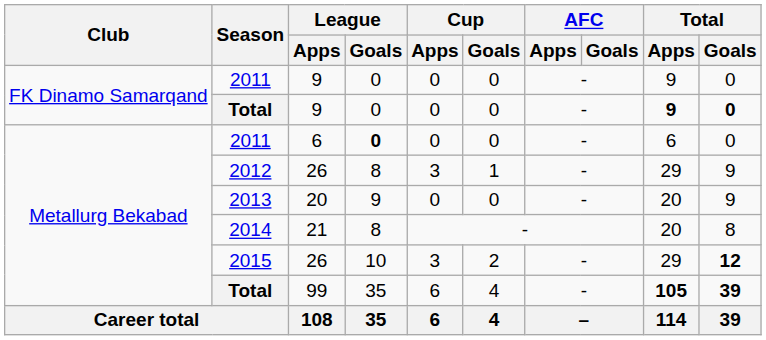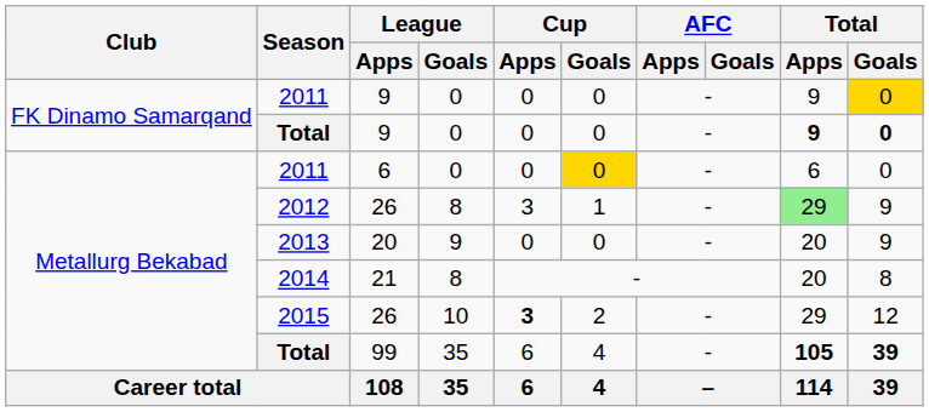 <table class="wikitable" style="font-size:90%; text-align:center;">
 <tr>
 <th rowspan="2">Club</th>
 <th rowspan="2">Season</th>
 <th colspan="2">League</th>
 <th colspan="2">Cup</th>
 <th colspan="2"><a href='#'>AFC</a></th>
 <th colspan="2">Total</th>
 </tr>
 <tr>
 <th>Apps</th>
 <th>Goals</th>
 <th>Apps</th>
 <th>Goals</th>
 <th>Apps</th>
 <th>Goals</th>
 <th>Apps</th>
 <th>Goals</th>
 </tr>
 <tr>
 <td rowspan="2"><a href='#'>FK Dinamo Samarqand</a></td>
 <td><a href='#'>2011</a></td>
 <td>9</td>
 <td>0</td>
 <td>0</td>
 <td>0</td>
 <td colspan="2">-</td>
 <td>9</td>
-<td>0</td>
+<td style="background: gold;">0</td>
 </tr>
 <tr>
 <th>Total</th>
 <td>9</td>
 <td>0</td>
 <td>0</td>
 <td>0</td>
 <td colspan="2">-</td>
 <td><strong>9</strong></td>
 <td><strong>0</strong></td>
 </tr>
 <tr>
 <td rowspan="6"><a href='#'>Metallurg Bekabad</a></td>
 <td><a href='#'>2011</a></td>
 <td>6</td>
-<td><strong>0</strong></td>
 <td>0</td>
 <td>0</td>
+<td style="background: gold;">0</td>
 <td colspan="2">-</td>
 <td>6</td>
 <td>0</td>
 </tr>
 <tr>
 <td><a href='#'>2012</a></td>
 <td>26</td>
 <td>8</td>
 <td>3</td>
 <td>1</td>
 <td colspan="2">-</td>
-<td>29</td>
+<td style="background: lightgreen;">29</td>
 <td>9</td>
 </tr>
 <tr>
 <td><a href='#'>2013</a></td>
 <td>20</td>
 <td>9</td>
 <td>0</td>
 <td>0</td>
 <td colspan="2">-</td>
 <td>20</td>
 <td>9</td>
 </tr>
 <tr>
 <td><a href='#'>2014</a></td>
 <td>21</td>
 <td>8</td>
 <td colspan="4">-</td>
 <td>20</td>
 <td>8</td>
 </tr>
 <tr>
 <td><a href='#'>2015</a></td>
 <td>26</td>
 <td>10</td>
-<td>3</td>
+<td><strong>3</strong></td>
 <td>2</td>
 <td colspan="2">-</td>
 <td>29</td>
-<td><strong>12</strong></td>
+<td>12</td>
 </tr>
 <tr>
 <th>Total</th>
 <td>99</td>
 <td>35</td>
 <td>6</td>
 <td>4</td>
 <td colspan="2">-</td>
 <td><strong>105</strong></td>
 <td><strong>39</strong></td>
 </tr>
 <tr>
 <th colspan="2">Career total</th>
 <th>108</th>
 <th>35</th>
 <th>6</th>
 <th>4</th>
 <th colspan="2">–</th>
 <th><strong>114</strong></th>
 <th><strong>39</strong></th>
 </tr>
 </table>
